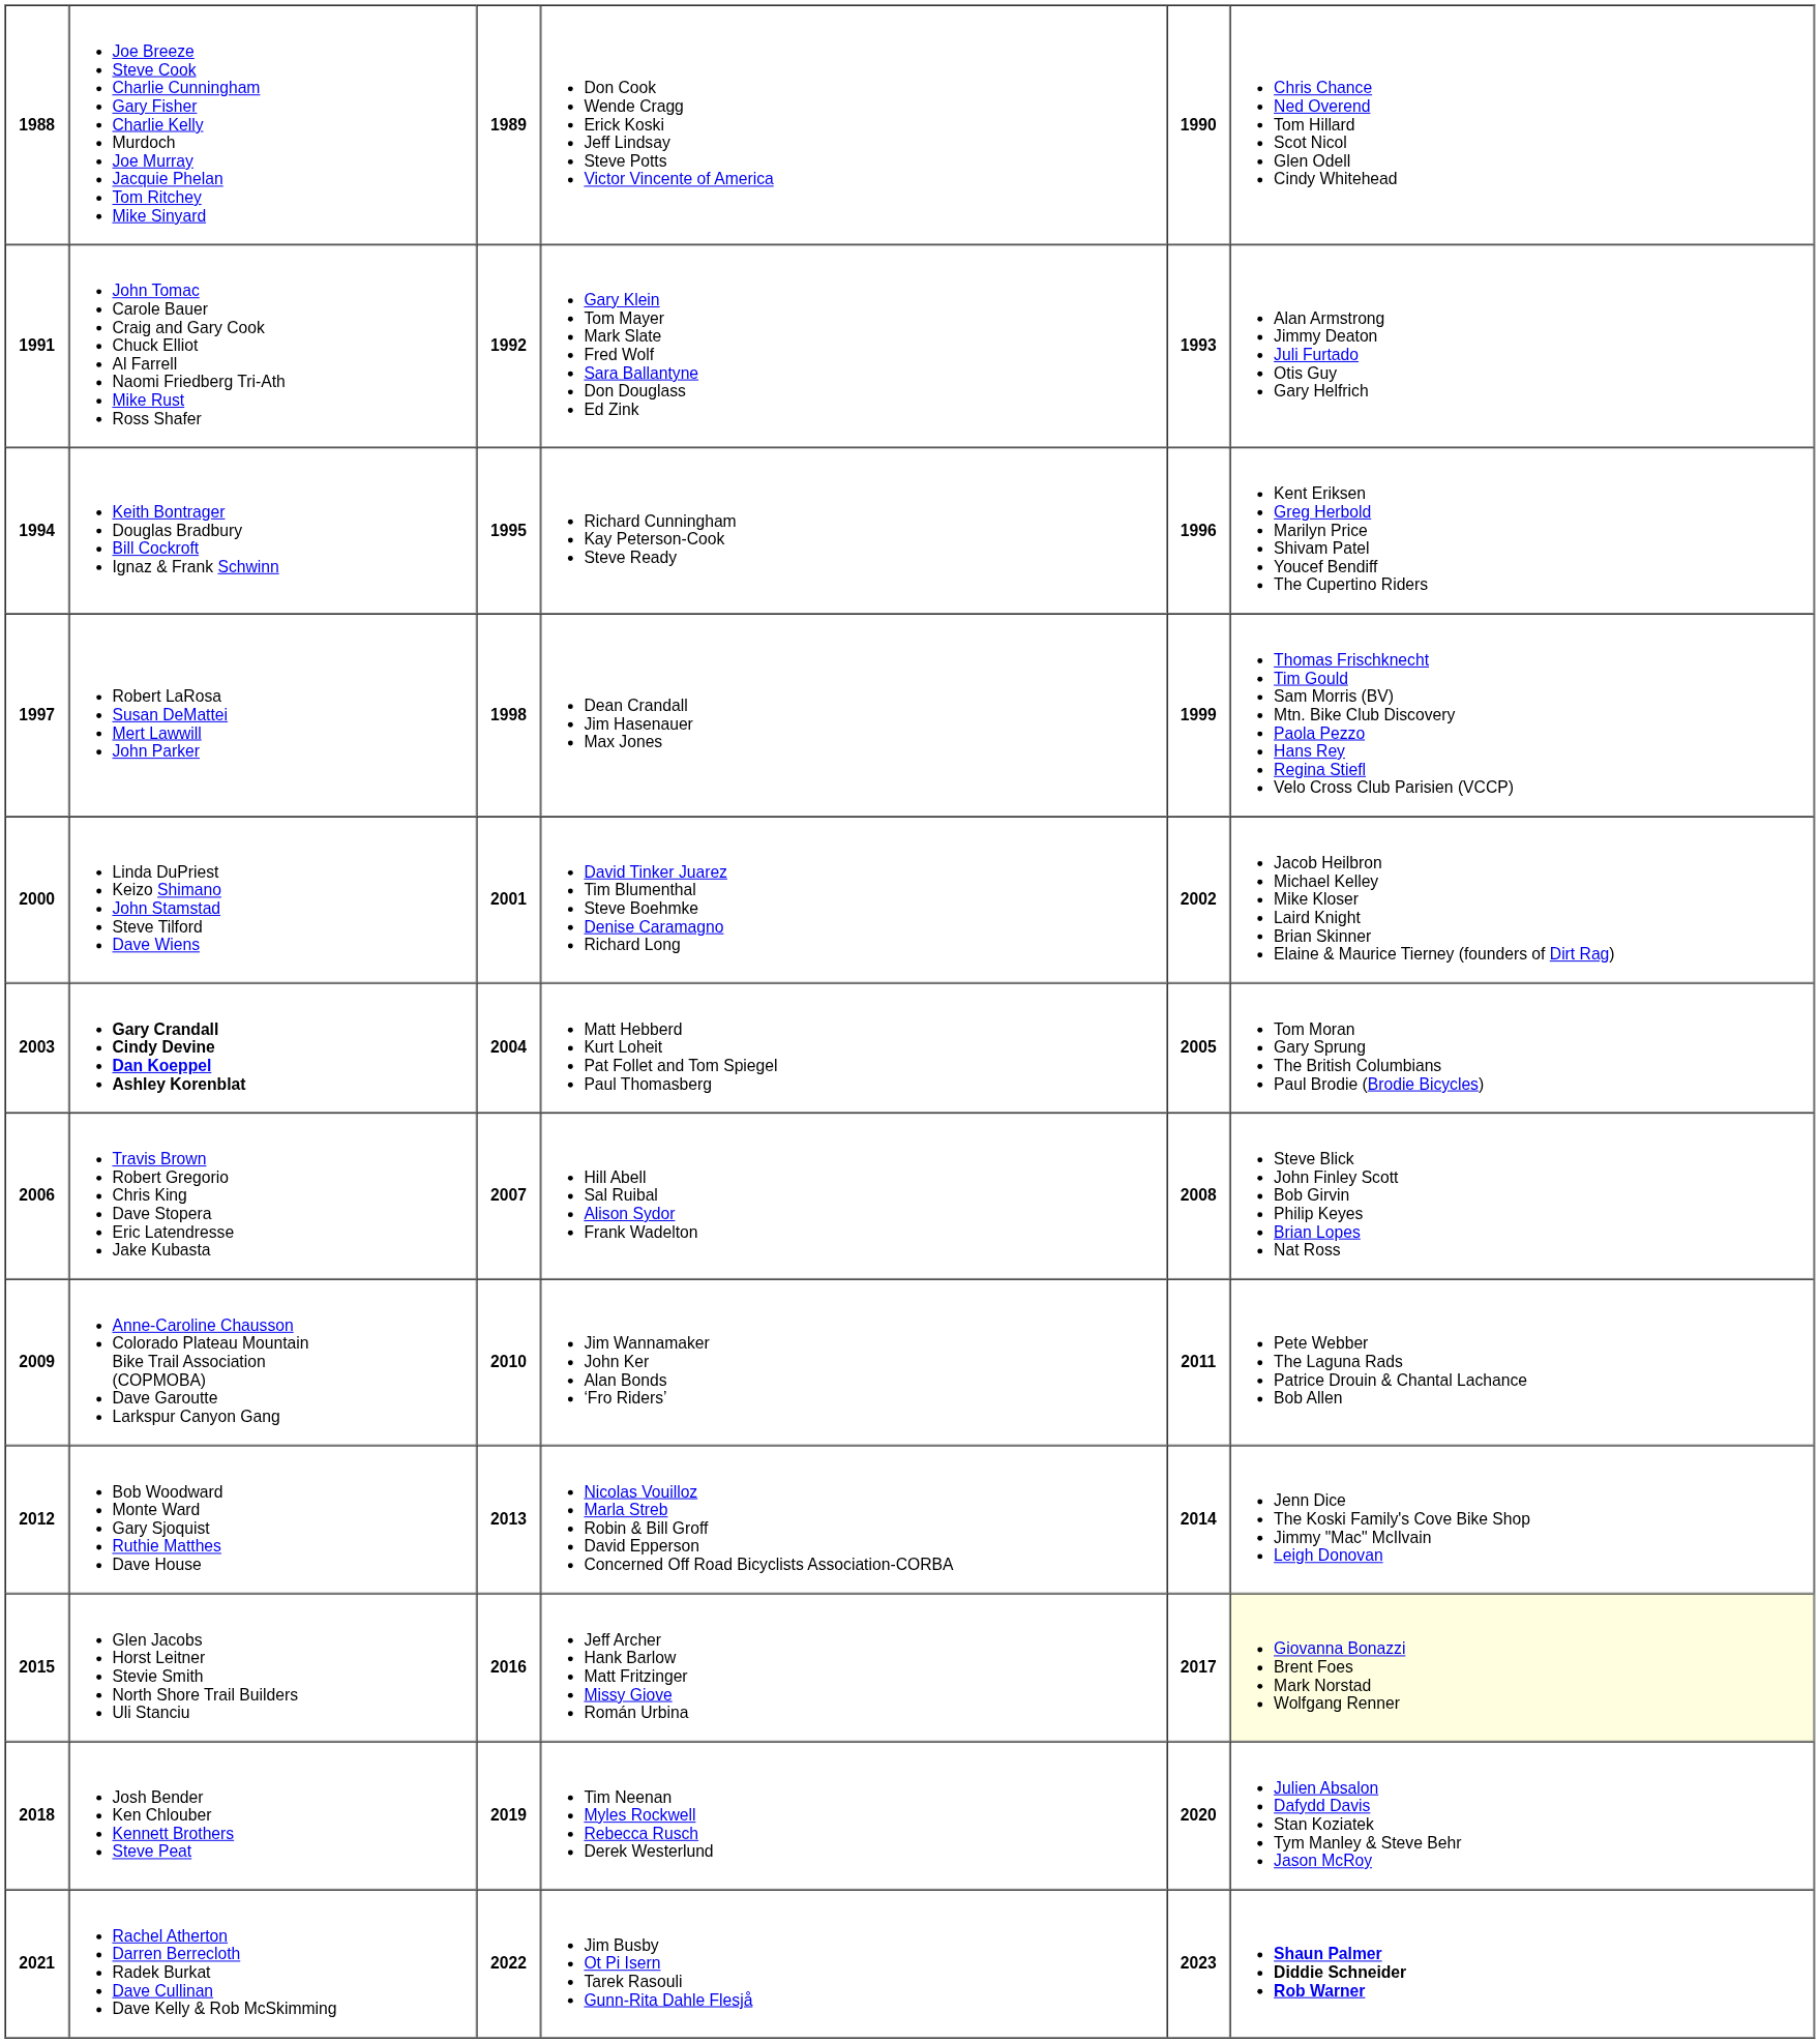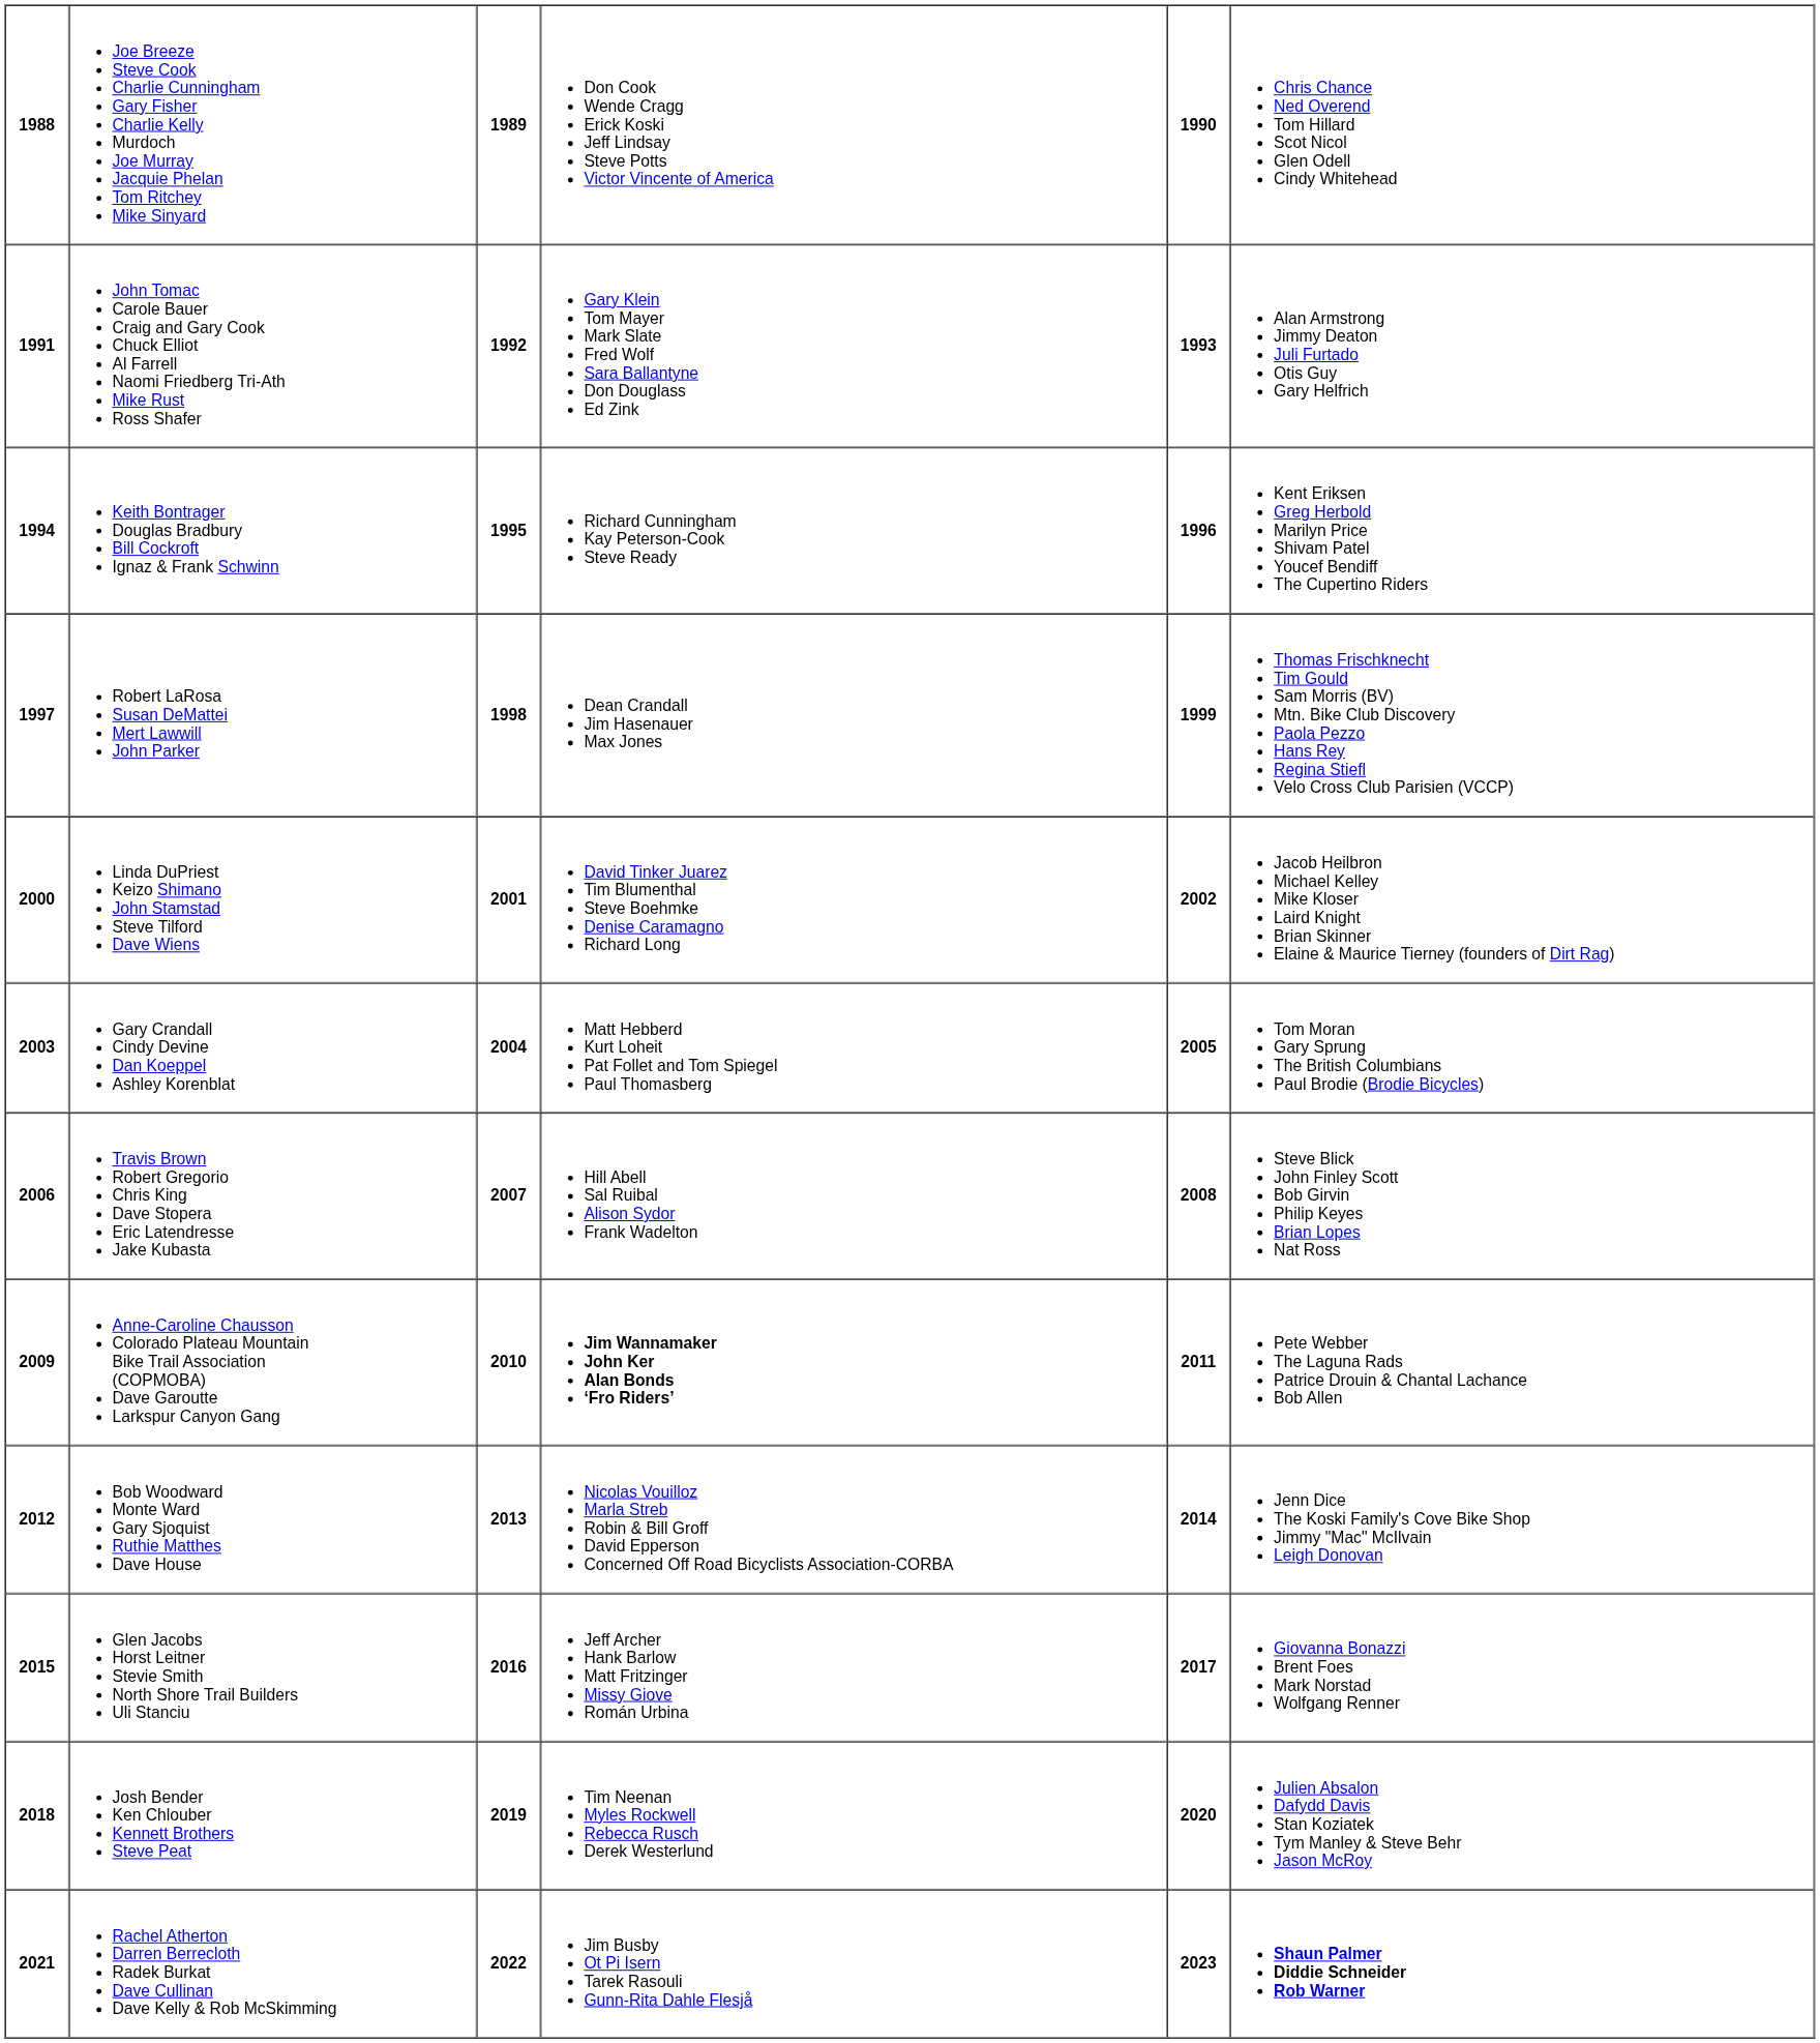 <table | width=90% border=1 cellpadding=2 cellspacing=0>
 <tr>
 <th><strong>1988</strong></th>
 <td><br><ul><li><a href='#'>Joe Breeze</a></li><li><a href='#'>Steve Cook</a></li><li><a href='#'>Charlie Cunningham</a></li><li><a href='#'>Gary Fisher</a></li><li><a href='#'>Charlie Kelly</a></li><li>Murdoch</li><li><a href='#'>Joe Murray</a></li><li><a href='#'>Jacquie Phelan</a></li><li><a href='#'>Tom Ritchey</a></li><li><a href='#'>Mike Sinyard</a></li></ul></td>
 <th><strong>1989</strong></th>
 <td><br><ul><li>Don Cook</li><li>Wende Cragg</li><li>Erick Koski</li><li>Jeff Lindsay</li><li>Steve Potts</li><li><a href='#'>Victor Vincente of America</a></li></ul></td>
 <th><strong>1990</strong></th>
 <td><br><ul><li><a href='#'>Chris Chance</a></li><li><a href='#'>Ned Overend</a></li><li>Tom Hillard</li><li>Scot Nicol</li><li>Glen Odell</li><li>Cindy Whitehead</li></ul></td>
 </tr>
 <tr>
 <th><strong>1991</strong></th>
 <td><br><ul><li><a href='#'>John Tomac</a></li><li>Carole Bauer</li><li>Craig and Gary Cook</li><li>Chuck Elliot</li><li>Al Farrell</li><li>Naomi Friedberg Tri-Ath</li><li><a href='#'>Mike Rust</a></li><li>Ross Shafer</li></ul></td>
 <th><strong>1992</strong></th>
 <td><br><ul><li><a href='#'>Gary Klein</a></li><li>Tom Mayer</li><li>Mark Slate</li><li>Fred Wolf</li><li><a href='#'>Sara Ballantyne</a></li><li>Don Douglass</li><li>Ed Zink</li></ul></td>
 <th><strong>1993</strong></th>
 <td><br><ul><li>Alan Armstrong</li><li>Jimmy Deaton</li><li><a href='#'>Juli Furtado</a></li><li>Otis Guy</li><li>Gary Helfrich</li></ul></td>
 </tr>
 <tr>
 <th><strong>1994</strong></th>
 <td><br><ul><li><a href='#'>Keith Bontrager</a></li><li>Douglas Bradbury</li><li><a href='#'>Bill Cockroft</a></li><li>Ignaz & Frank <a href='#'>Schwinn</a></li></ul></td>
 <th><strong>1995</strong></th>
 <td><br><ul><li>Richard Cunningham</li><li>Kay Peterson-Cook</li><li>Steve Ready</li></ul></td>
 <th><strong>1996</strong></th>
 <td><br><ul><li>Kent Eriksen</li><li><a href='#'>Greg Herbold</a></li><li>Marilyn Price</li><li>Shivam Patel</li><li>Youcef Bendiff</li><li>The Cupertino Riders</li></ul></td>
 </tr>
 <tr>
 <th><strong>1997</strong></th>
 <td><br><ul><li>Robert LaRosa</li><li><a href='#'>Susan DeMattei</a></li><li><a href='#'>Mert Lawwill</a></li><li><a href='#'>John Parker</a></li></ul></td>
 <th><strong>1998</strong></th>
 <td><br><ul><li>Dean Crandall</li><li>Jim Hasenauer</li><li>Max Jones</li></ul></td>
 <th><strong>1999</strong></th>
 <td><br><ul><li><a href='#'>Thomas Frischknecht</a></li><li><a href='#'>Tim Gould</a></li><li>Sam Morris (BV)</li><li>Mtn. Bike Club Discovery</li><li><a href='#'>Paola Pezzo</a></li><li><a href='#'>Hans Rey</a></li><li><a href='#'>Regina Stiefl</a></li><li>Velo Cross Club Parisien (VCCP)</li></ul></td>
 </tr>
 <tr>
 <th><strong>2000</strong></th>
 <td><br><ul><li>Linda DuPriest</li><li>Keizo <a href='#'>Shimano</a></li><li><a href='#'>John Stamstad</a></li><li>Steve Tilford</li><li><a href='#'>Dave Wiens</a></li></ul></td>
 <th><strong>2001</strong></th>
 <td><br><ul><li><a href='#'>David Tinker Juarez</a></li><li>Tim Blumenthal</li><li>Steve Boehmke</li><li><a href='#'>Denise Caramagno</a></li><li>Richard Long</li></ul></td>
 <th><strong>2002</strong></th>
 <td><br><ul><li>Jacob Heilbron</li><li>Michael Kelley</li><li>Mike Kloser</li><li>Laird Knight</li><li>Brian Skinner</li><li>Elaine & Maurice Tierney (founders of <a href='#'>Dirt Rag</a>)</li></ul></td>
 </tr>
 <tr>
 <th><strong>2003</strong></th>
-<td><strong><br><ul><li>Gary Crandall</li><li>Cindy Devine</li><li><a href='#'>Dan Koeppel</a></li><li>Ashley Korenblat</li></ul></strong></td>
+<td><br><ul><li>Gary Crandall</li><li>Cindy Devine</li><li><a href='#'>Dan Koeppel</a></li><li>Ashley Korenblat</li></ul></td>
 <th><strong>2004</strong></th>
 <td><br><ul><li>Matt Hebberd</li><li>Kurt Loheit</li><li>Pat Follet and Tom Spiegel</li><li>Paul Thomasberg</li></ul></td>
 <th><strong>2005</strong></th>
 <td><br><ul><li>Tom Moran</li><li>Gary Sprung</li><li>The British Columbians</li><li>Paul Brodie (<a href='#'>Brodie Bicycles</a>)</li></ul></td>
 </tr>
 <tr>
 <th><strong>2006</strong></th>
 <td><br><ul><li><a href='#'>Travis Brown</a></li><li>Robert Gregorio</li><li>Chris King</li><li>Dave Stopera</li><li>Eric Latendresse</li><li>Jake Kubasta</li></ul></td>
 <th><strong>2007</strong></th>
 <td><br><ul><li>Hill Abell</li><li>Sal Ruibal</li><li><a href='#'>Alison Sydor</a></li><li>Frank Wadelton</li></ul></td>
 <th><strong>2008</strong></th>
 <td><br><ul><li>Steve Blick</li><li>John Finley Scott</li><li>Bob Girvin</li><li>Philip Keyes</li><li><a href='#'>Brian Lopes</a></li><li>Nat Ross</li></ul></td>
 </tr>
 <tr>
 <th><strong>2009</strong></th>
 <td><br><ul><li><a href='#'>Anne-Caroline Chausson</a></li><li>Colorado Plateau Mountain<br>Bike Trail Association<br>(COPMOBA)</li><li>Dave Garoutte</li><li>Larkspur Canyon Gang</li></ul></td>
 <th><strong>2010</strong></th>
-<td><br><ul><li>Jim Wannamaker</li><li>John Ker</li><li>Alan Bonds</li><li>‘Fro Riders’</li></ul></td>
+<td><strong><br><ul><li>Jim Wannamaker</li><li>John Ker</li><li>Alan Bonds</li><li>‘Fro Riders’</li></ul></strong></td>
 <th><strong>2011</strong></th>
 <td><br><ul><li>Pete Webber</li><li>The Laguna Rads</li><li>Patrice Drouin & Chantal Lachance</li><li>Bob Allen</li></ul></td>
 </tr>
 <tr>
 <th><strong>2012</strong></th>
 <td><br><ul><li>Bob Woodward</li><li>Monte Ward</li><li>Gary Sjoquist</li><li><a href='#'>Ruthie Matthes</a></li><li>Dave House</li></ul></td>
 <th><strong>2013</strong></th>
 <td><br><ul><li><a href='#'>Nicolas Vouilloz</a></li><li><a href='#'>Marla Streb</a></li><li>Robin & Bill Groff</li><li>David Epperson</li><li>Concerned Off Road Bicyclists Association-CORBA</li></ul></td>
 <th><strong>2014</strong></th>
 <td><br><ul><li>Jenn Dice</li><li>The Koski Family's Cove Bike Shop</li><li>Jimmy "Mac" McIlvain</li><li><a href='#'>Leigh Donovan</a></li></ul></td>
 </tr>
 <tr>
 <th><strong>2015</strong></th>
 <td><br><ul><li>Glen Jacobs</li><li>Horst Leitner</li><li>Stevie Smith</li><li>North Shore Trail Builders</li><li>Uli Stanciu</li></ul></td>
 <th><strong>2016</strong></th>
 <td><br><ul><li>Jeff Archer</li><li>Hank Barlow</li><li>Matt Fritzinger</li><li><a href='#'>Missy Giove</a></li><li>Román Urbina</li></ul></td>
 <th><strong>2017</strong></th>
-<td style="background: lightyellow;"><br><ul><li><a href='#'>Giovanna Bonazzi</a></li><li>Brent Foes</li><li>Mark Norstad</li><li>Wolfgang Renner</li></ul></td>
+<td><br><ul><li><a href='#'>Giovanna Bonazzi</a></li><li>Brent Foes</li><li>Mark Norstad</li><li>Wolfgang Renner</li></ul></td>
 </tr>
 <tr>
 <th><strong>2018</strong></th>
 <td><br><ul><li>Josh Bender</li><li>Ken Chlouber</li><li><a href='#'>Kennett Brothers</a></li><li><a href='#'>Steve Peat</a></li></ul></td>
 <th><strong>2019</strong></th>
 <td><br><ul><li>Tim Neenan</li><li><a href='#'>Myles Rockwell</a></li><li><a href='#'>Rebecca Rusch</a></li><li>Derek Westerlund</li></ul></td>
 <th><strong>2020</strong></th>
 <td><br><ul><li><a href='#'>Julien Absalon</a></li><li><a href='#'>Dafydd Davis</a></li><li>Stan Koziatek</li><li>Tym Manley & Steve Behr</li><li><a href='#'>Jason McRoy</a></li></ul></td>
 </tr>
 <tr>
 <th><strong>2021</strong></th>
 <td><br><ul><li><a href='#'>Rachel Atherton</a></li><li><a href='#'>Darren Berrecloth</a></li><li>Radek Burkat</li><li><a href='#'>Dave Cullinan</a></li><li>Dave Kelly & Rob McSkimming</li></ul></td>
 <th>2022</th>
 <td><br><ul><li>Jim Busby</li><li><a href='#'>Ot Pi Isern</a></li><li>Tarek Rasouli</li><li><a href='#'>Gunn-Rita Dahle Flesjå</a></li></ul></td>
 <th>2023</th>
 <td><strong><br><ul><li><a href='#'>Shaun Palmer</a></li><li>Diddie Schneider</li><li><a href='#'>Rob Warner</a></li></ul></strong></td>
 </tr>
 </table>
